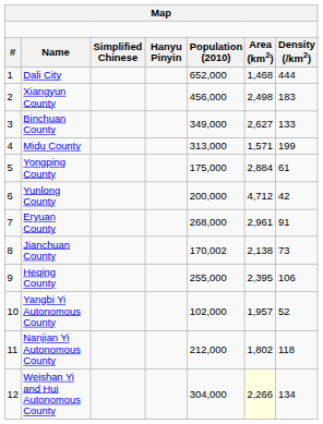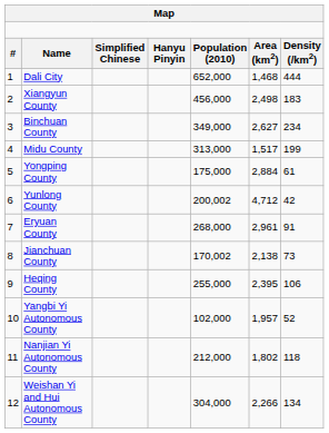 <table class="wikitable"  style="font-size:90%; width:50%;" align=center>
 <tr>
 <th colspan="7" align="center">Map</th>
 </tr>
 <tr>
 <td colspan="7" align="center"><div><br>                </div></td>
 </tr>
 <tr>
 <th>#</th>
 <th width="150">Name</th>
 <th width="80">Simplified Chinese</th>
 <th width="100">Hanyu Pinyin</th>
 <th>Population<br>(2010)</th>
 <th>Area (km<sup>2</sup>)</th>
 <th>Density<br>(/km<sup>2</sup>)</th>
 </tr>
 <tr --------->
 <td>1</td>
 <td><a href='#'>Dali City</a></td>
 <td></td>
 <td></td>
 <td>652,000</td>
 <td>1,468</td>
 <td>444</td>
 </tr>
 <tr --------->
 <td>2</td>
 <td><a href='#'>Xiangyun County</a></td>
 <td></td>
 <td></td>
 <td>456,000</td>
 <td>2,498</td>
 <td>183</td>
 </tr>
 <tr --------->
 <td>3</td>
 <td><a href='#'>Binchuan County</a></td>
 <td></td>
 <td></td>
 <td>349,000</td>
 <td>2,627</td>
-<td>133</td>
+<td>234</td>
 </tr>
 <tr --------->
 <td>4</td>
 <td><a href='#'>Midu County</a></td>
 <td></td>
 <td></td>
 <td>313,000</td>
-<td>1,571</td>
+<td>1,517</td>
 <td>199</td>
 </tr>
 <tr --------->
 <td>5</td>
 <td><a href='#'>Yongping County</a></td>
 <td></td>
 <td></td>
 <td>175,000</td>
 <td>2,884</td>
 <td>61</td>
 </tr>
 <tr --------->
 <td>6</td>
 <td><a href='#'>Yunlong County</a></td>
 <td></td>
 <td></td>
-<td>200,000</td>
+<td>200,002</td>
 <td>4,712</td>
 <td>42</td>
 </tr>
 <tr --------->
 <td>7</td>
 <td><a href='#'>Eryuan County</a></td>
 <td></td>
 <td></td>
 <td>268,000</td>
 <td>2,961</td>
 <td>91</td>
 </tr>
 <tr --------->
 <td>8</td>
 <td><a href='#'>Jianchuan County</a></td>
 <td></td>
 <td></td>
 <td>170,002</td>
 <td>2,138</td>
 <td>73</td>
 </tr>
 <tr --------->
 <td>9</td>
 <td><a href='#'>Heqing County</a></td>
 <td></td>
 <td></td>
 <td>255,000</td>
 <td>2,395</td>
 <td>106</td>
 </tr>
 <tr --------->
 <td>10</td>
 <td><a href='#'>Yangbi Yi Autonomous County</a></td>
 <td></td>
 <td></td>
 <td>102,000</td>
 <td>1,957</td>
 <td>52</td>
 </tr>
 <tr --------->
 <td>11</td>
 <td><a href='#'>Nanjian Yi Autonomous County</a></td>
 <td></td>
 <td></td>
 <td>212,000</td>
 <td>1,802</td>
 <td>118</td>
 </tr>
 <tr --------->
 <td>12</td>
 <td><a href='#'>Weishan Yi and Hui Autonomous County</a></td>
 <td></td>
 <td></td>
 <td>304,000</td>
-<td style="background: lightyellow;">2,266</td>
+<td>2,266</td>
 <td>134</td>
 </tr>
 </table>
